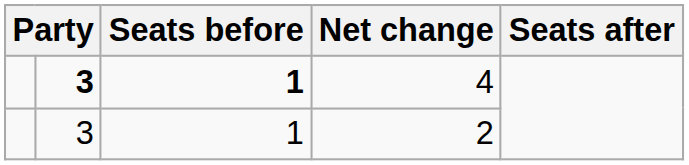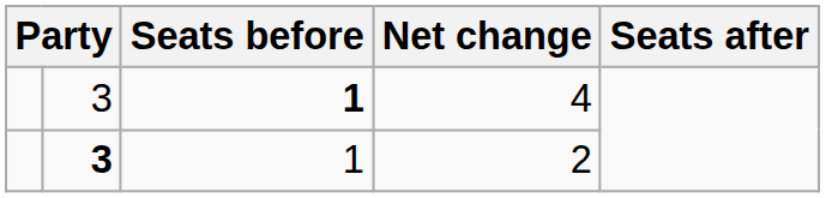 <table class=wikitable style="text-align:right">
 <tr>
 <th colspan="2">Party</th>
 <th>Seats before</th>
 <th>Net change</th>
 <th>Seats after</th>
 </tr>
 <tr>
 <td></td>
-<td><strong>3</strong></td>
+<td>3</td>
 <td><strong> 1</strong></td>
 <td>4</td>
 </tr>
 <tr>
 <td></td>
-<td>3</td>
+<td><strong>3</strong></td>
 <td> 1</td>
 <td>2</td>
 </tr>
 </table>
